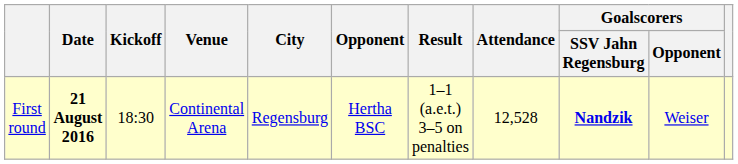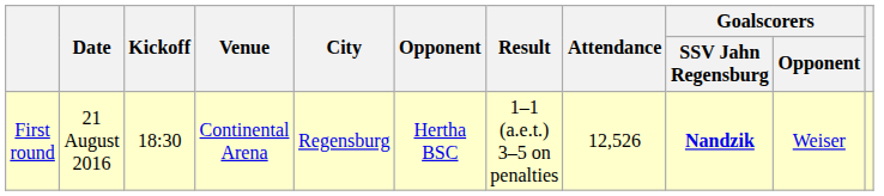 <table class="wikitable" Style="text-align: center;font-size:85%">
 <tr>
 <th rowspan="2"></th>
 <th rowspan="2" style="width:110px">Date</th>
 <th rowspan="2">Kickoff</th>
 <th rowspan="2">Venue</th>
 <th rowspan="2">City</th>
 <th rowspan="2">Opponent</th>
 <th rowspan="2">Result</th>
 <th rowspan="2">Attendance</th>
 <th colspan="2">Goalscorers</th>
 <th rowspan="2"></th>
 </tr>
 <tr>
 <th style="width:150px">SSV Jahn Regensburg</th>
 <th style="width:150px">Opponent</th>
 </tr>
 <tr style="background:#FFFFCC">
 <td><a href='#'>First round</a></td>
-<td><strong>21 August 2016</strong></td>
+<td>21 August 2016</td>
 <td>18:30</td>
 <td><a href='#'>Continental Arena</a></td>
 <td><a href='#'>Regensburg</a></td>
 <td><a href='#'>Hertha BSC</a></td>
 <td>1–1 (a.e.t.)<br>  3–5 on penalties</td>
-<td>12,528</td>
+<td>12,526</td>
 <td><strong><a href='#'>Nandzik</a> </strong></td>
 <td><a href='#'>Weiser</a> </td>
 <td></td>
 </tr>
 </table>
